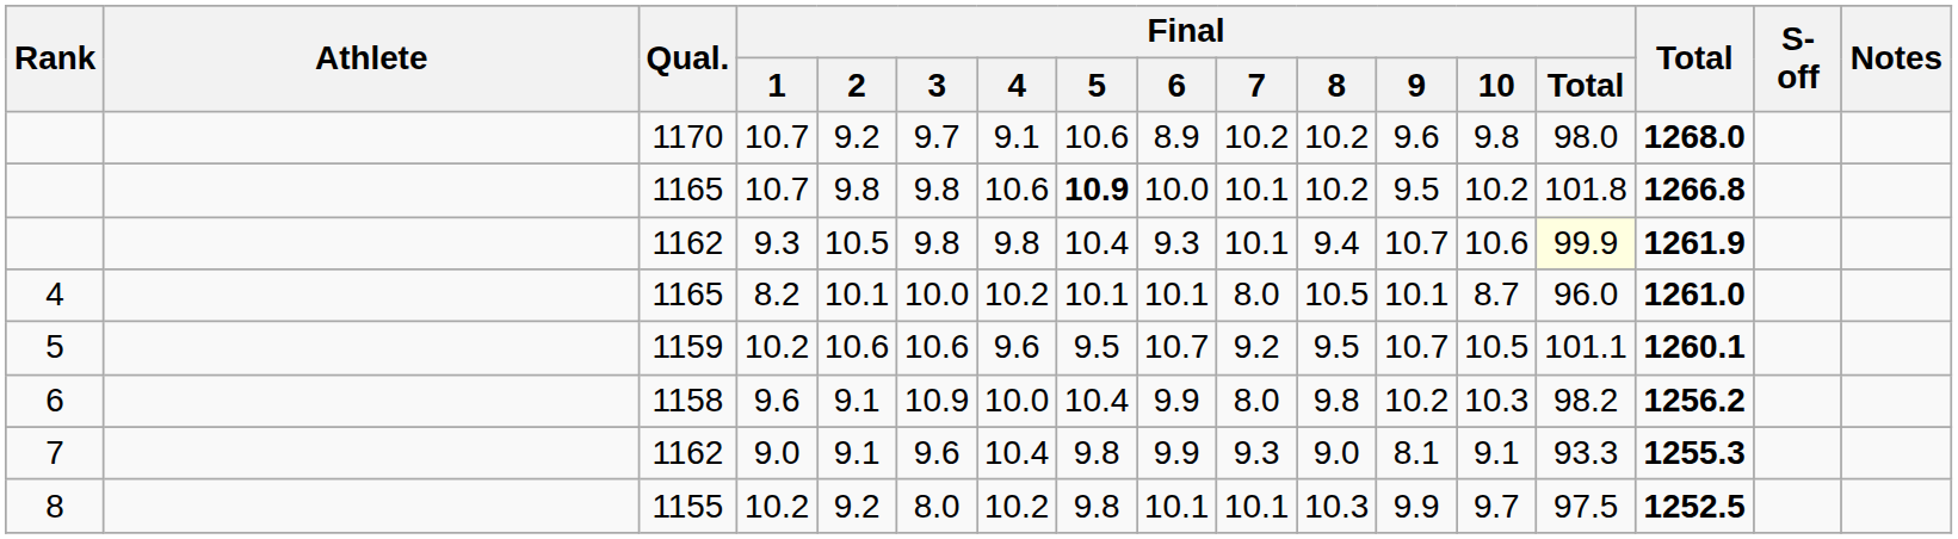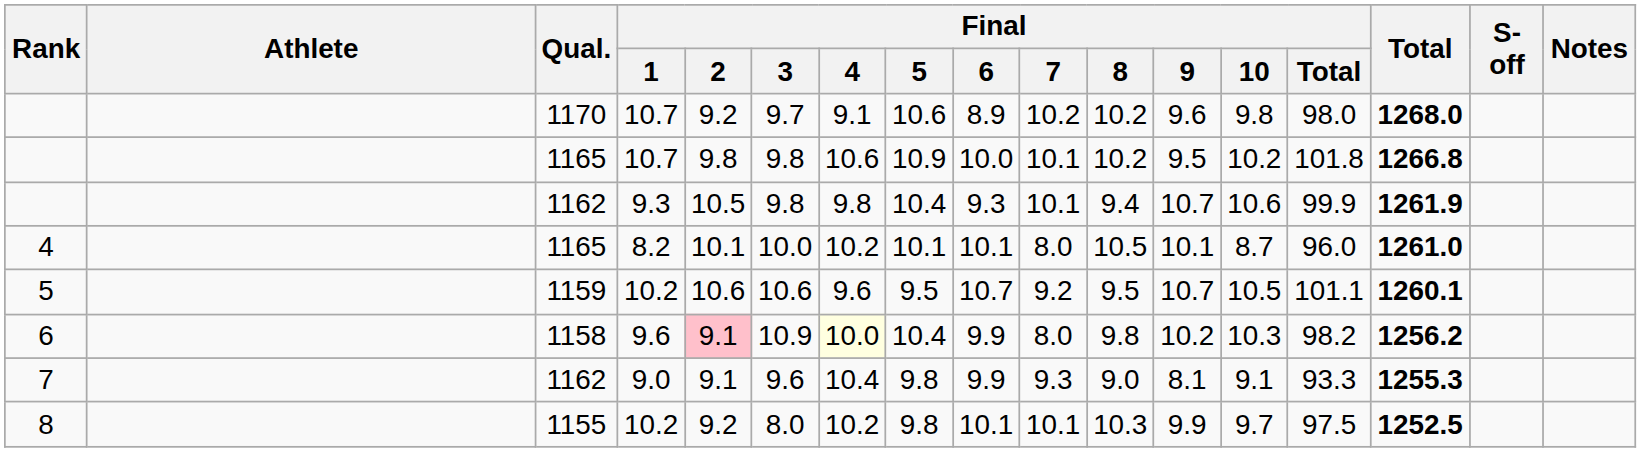 <table class="wikitable" style="text-align:center">
 <tr>
 <th rowspan=2 width=40>Rank</th>
 <th rowspan=2 width=250>Athlete</th>
 <th rowspan=2 width=40>Qual.</th>
 <th colspan=11>Final</th>
 <th rowspan=2 width=50>Total</th>
 <th rowspan=2 width=35>S-off</th>
 <th rowspan=2 width=45>Notes</th>
 </tr>
 <tr>
 <th width=30>1</th>
 <th width=30>2</th>
 <th width=30>3</th>
 <th width=30>4</th>
 <th width=30>5</th>
 <th width=30>6</th>
 <th width=30>7</th>
 <th width=30>8</th>
 <th width=30>9</th>
 <th width=30>10</th>
 <th width=40>Total</th>
 </tr>
 <tr>
 <td></td>
 <td align=left></td>
 <td>1170</td>
 <td>10.7</td>
 <td>9.2</td>
 <td>9.7</td>
 <td>9.1</td>
 <td>10.6</td>
 <td>8.9</td>
 <td>10.2</td>
 <td>10.2</td>
 <td>9.6</td>
 <td>9.8</td>
 <td>98.0</td>
 <td><strong>1268.0</strong></td>
 <td></td>
 <td></td>
 </tr>
 <tr>
 <td></td>
 <td align=left></td>
 <td>1165</td>
 <td>10.7</td>
 <td>9.8</td>
 <td>9.8</td>
 <td>10.6</td>
-<td><strong>10.9</strong></td>
+<td>10.9</td>
 <td>10.0</td>
 <td>10.1</td>
 <td>10.2</td>
 <td>9.5</td>
 <td>10.2</td>
 <td>101.8</td>
 <td><strong>1266.8</strong></td>
 <td></td>
 <td></td>
 </tr>
 <tr>
 <td></td>
 <td align=left></td>
 <td>1162</td>
 <td>9.3</td>
 <td>10.5</td>
 <td>9.8</td>
 <td>9.8</td>
 <td>10.4</td>
 <td>9.3</td>
 <td>10.1</td>
 <td>9.4</td>
 <td>10.7</td>
 <td>10.6</td>
-<td style="background: lightyellow;">99.9</td>
+<td>99.9</td>
 <td><strong>1261.9</strong></td>
 <td></td>
 <td></td>
 </tr>
 <tr>
 <td>4</td>
 <td align=left></td>
 <td>1165</td>
 <td>8.2</td>
 <td>10.1</td>
 <td>10.0</td>
 <td>10.2</td>
 <td>10.1</td>
 <td>10.1</td>
 <td>8.0</td>
 <td>10.5</td>
 <td>10.1</td>
 <td>8.7</td>
 <td>96.0</td>
 <td><strong>1261.0</strong></td>
 <td></td>
 <td></td>
 </tr>
 <tr>
 <td>5</td>
 <td align=left></td>
 <td>1159</td>
 <td>10.2</td>
 <td>10.6</td>
 <td>10.6</td>
 <td>9.6</td>
 <td>9.5</td>
 <td>10.7</td>
 <td>9.2</td>
 <td>9.5</td>
 <td>10.7</td>
 <td>10.5</td>
 <td>101.1</td>
 <td><strong>1260.1</strong></td>
 <td></td>
 <td></td>
 </tr>
 <tr>
 <td>6</td>
 <td align=left></td>
 <td>1158</td>
 <td>9.6</td>
-<td>9.1</td>
+<td style="background: pink;">9.1</td>
 <td>10.9</td>
-<td>10.0</td>
+<td style="background: lightyellow;">10.0</td>
 <td>10.4</td>
 <td>9.9</td>
 <td>8.0</td>
 <td>9.8</td>
 <td>10.2</td>
 <td>10.3</td>
 <td>98.2</td>
 <td><strong>1256.2</strong></td>
 <td></td>
 <td></td>
 </tr>
 <tr>
 <td>7</td>
 <td align=left></td>
 <td>1162</td>
 <td>9.0</td>
 <td>9.1</td>
 <td>9.6</td>
 <td>10.4</td>
 <td>9.8</td>
 <td>9.9</td>
 <td>9.3</td>
 <td>9.0</td>
 <td>8.1</td>
 <td>9.1</td>
 <td>93.3</td>
 <td><strong>1255.3</strong></td>
 <td></td>
 <td></td>
 </tr>
 <tr>
 <td>8</td>
 <td align=left></td>
 <td>1155</td>
 <td>10.2</td>
 <td>9.2</td>
 <td>8.0</td>
 <td>10.2</td>
 <td>9.8</td>
 <td>10.1</td>
 <td>10.1</td>
 <td>10.3</td>
 <td>9.9</td>
 <td>9.7</td>
 <td>97.5</td>
 <td><strong>1252.5</strong></td>
 <td></td>
 <td></td>
 </tr>
 </table>
